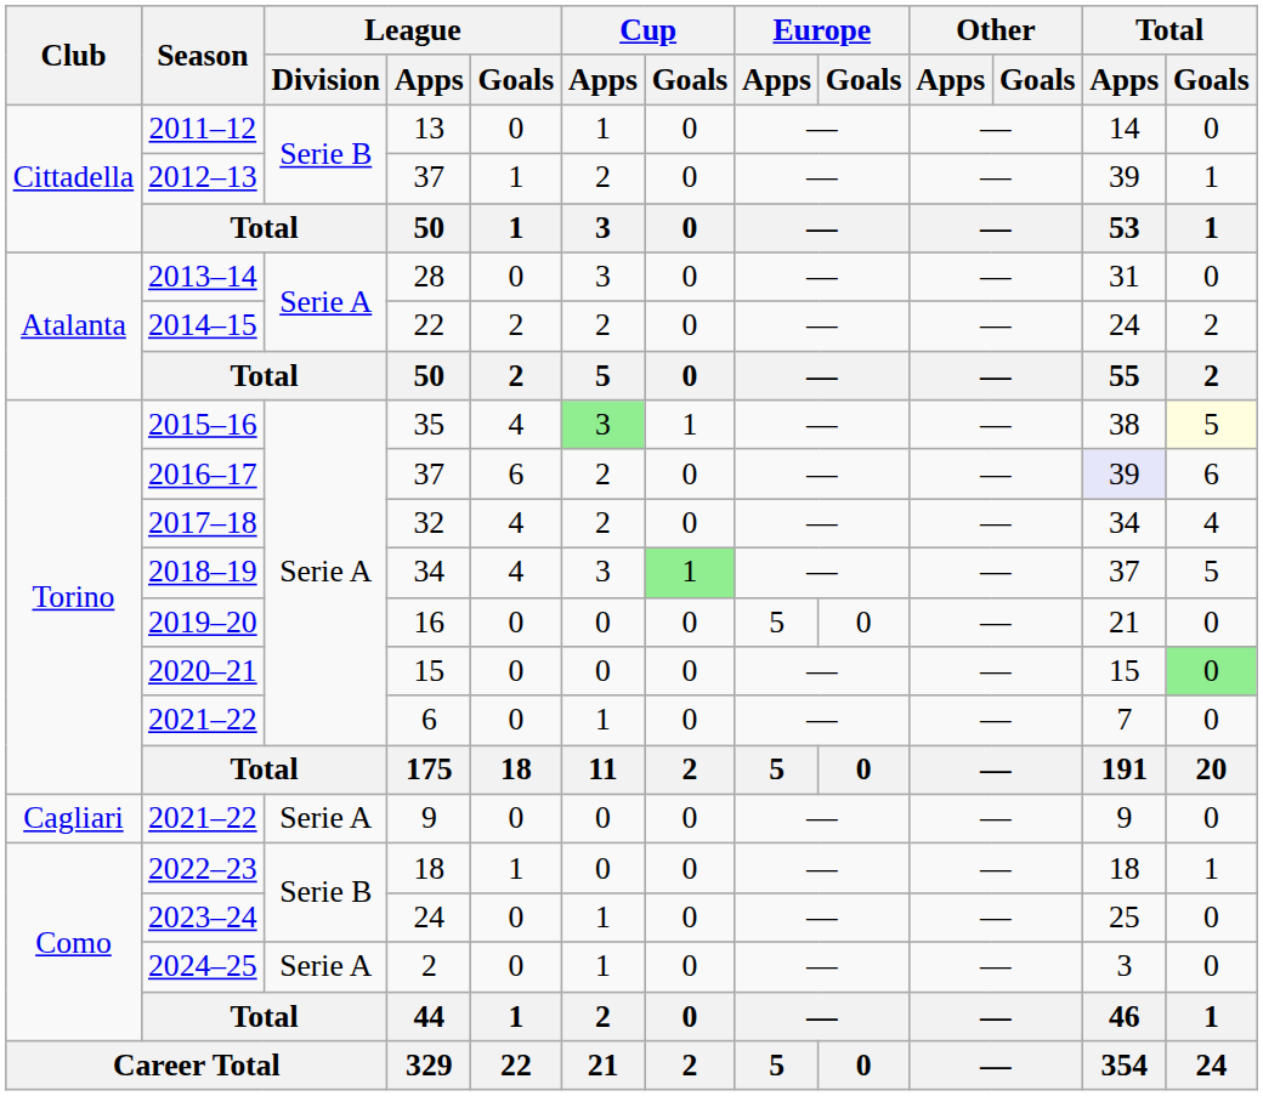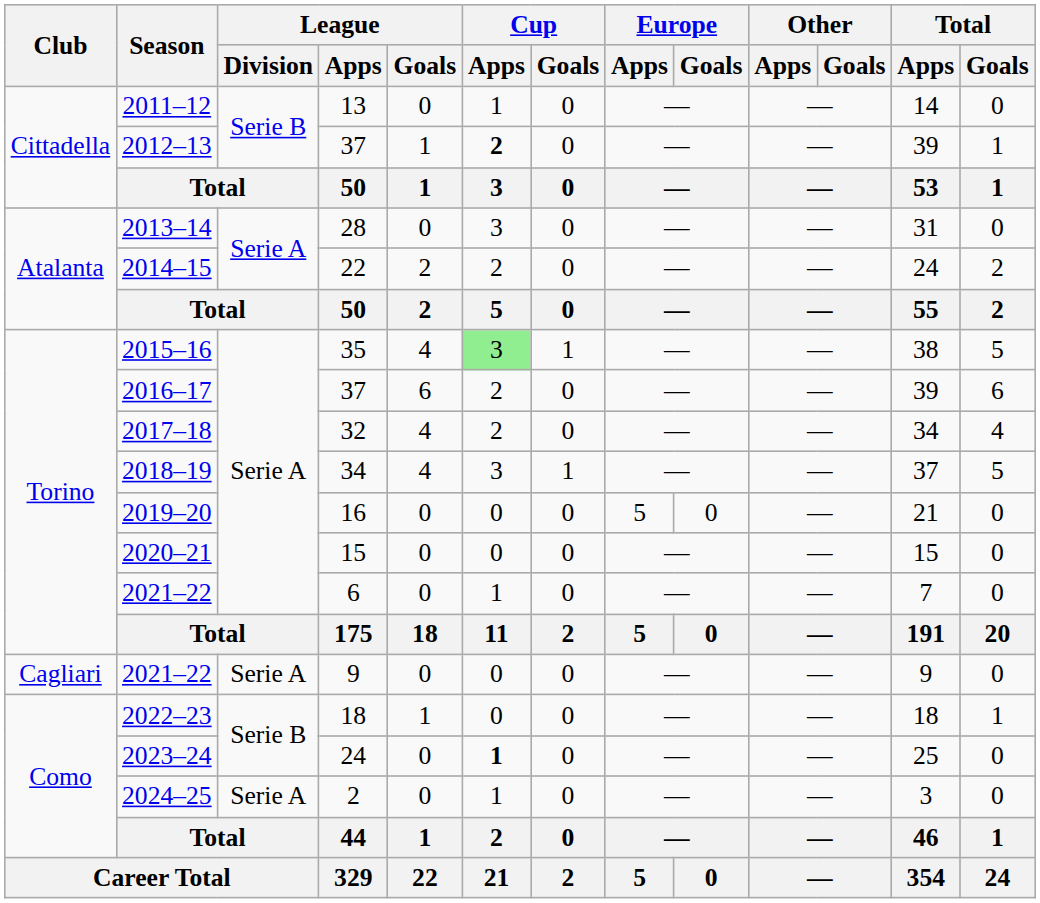 <table class="wikitable" style="text-align: center;">
 <tr>
 <th rowspan="2">Club</th>
 <th rowspan="2">Season</th>
 <th colspan="3">League</th>
 <th colspan="2"><a href='#'>Cup</a></th>
 <th colspan="2"><a href='#'>Europe</a></th>
 <th colspan="2">Other</th>
 <th colspan="2">Total</th>
 </tr>
 <tr>
 <th>Division</th>
 <th>Apps</th>
 <th>Goals</th>
 <th>Apps</th>
 <th>Goals</th>
 <th>Apps</th>
 <th>Goals</th>
 <th>Apps</th>
 <th>Goals</th>
 <th>Apps</th>
 <th>Goals</th>
 </tr>
 <tr>
 <td rowspan="3" valign="center"><a href='#'>Cittadella</a></td>
 <td><a href='#'>2011–12</a></td>
 <td rowspan="2"valign="center"><a href='#'>Serie B</a></td>
 <td>13</td>
 <td>0</td>
 <td>1</td>
 <td>0</td>
 <td colspan="2">—</td>
 <td colspan="2">—</td>
 <td>14</td>
 <td>0</td>
 </tr>
 <tr>
 <td><a href='#'>2012–13</a></td>
 <td>37</td>
 <td>1</td>
-<td>2</td>
+<td><strong>2</strong></td>
 <td>0</td>
 <td colspan="2">—</td>
 <td colspan="2">—</td>
 <td>39</td>
 <td>1</td>
 </tr>
 <tr>
 <th colspan="2">Total</th>
 <th>50</th>
 <th>1</th>
 <th>3</th>
 <th>0</th>
 <th colspan="2">—</th>
 <th colspan="2">—</th>
 <th>53</th>
 <th>1</th>
 </tr>
 <tr>
 <td rowspan="3" valign="center"><a href='#'>Atalanta</a></td>
 <td><a href='#'>2013–14</a></td>
 <td rowspan="2" valign="center"><a href='#'>Serie A</a></td>
 <td>28</td>
 <td>0</td>
 <td>3</td>
 <td>0</td>
 <td colspan="2">—</td>
 <td colspan="2">—</td>
 <td>31</td>
 <td>0</td>
 </tr>
 <tr>
 <td><a href='#'>2014–15</a></td>
 <td>22</td>
 <td>2</td>
 <td>2</td>
 <td>0</td>
 <td colspan="2">—</td>
 <td colspan="2">—</td>
 <td>24</td>
 <td>2</td>
 </tr>
 <tr>
 <th colspan="2">Total</th>
 <th>50</th>
 <th>2</th>
 <th>5</th>
 <th>0</th>
 <th colspan="2">—</th>
 <th colspan="2">—</th>
 <th>55</th>
 <th>2</th>
 </tr>
 <tr>
 <td rowspan="8" valign="center"><a href='#'>Torino</a></td>
 <td><a href='#'>2015–16</a></td>
 <td rowspan="7" valign="center">Serie A</td>
 <td>35</td>
 <td>4</td>
 <td style="background: lightgreen;">3</td>
 <td>1</td>
 <td colspan="2">—</td>
 <td colspan="2">—</td>
 <td>38</td>
-<td style="background: lightyellow;">5</td>
+<td>5</td>
 </tr>
 <tr>
 <td><a href='#'>2016–17</a></td>
 <td>37</td>
 <td>6</td>
 <td>2</td>
 <td>0</td>
 <td colspan="2">—</td>
 <td colspan="2">—</td>
-<td style="background: lavender;">39</td>
+<td>39</td>
 <td>6</td>
 </tr>
 <tr>
 <td><a href='#'>2017–18</a></td>
 <td>32</td>
 <td>4</td>
 <td>2</td>
 <td>0</td>
 <td colspan="2">—</td>
 <td colspan="2">—</td>
 <td>34</td>
 <td>4</td>
 </tr>
 <tr>
 <td><a href='#'>2018–19</a></td>
 <td>34</td>
 <td>4</td>
 <td>3</td>
-<td style="background: lightgreen;">1</td>
+<td>1</td>
 <td colspan="2">—</td>
 <td colspan="2">—</td>
 <td>37</td>
 <td>5</td>
 </tr>
 <tr>
 <td><a href='#'>2019–20</a></td>
 <td>16</td>
 <td>0</td>
 <td>0</td>
 <td>0</td>
 <td>5</td>
 <td>0</td>
 <td colspan="2">—</td>
 <td>21</td>
 <td>0</td>
 </tr>
 <tr>
 <td><a href='#'>2020–21</a></td>
 <td>15</td>
 <td>0</td>
 <td>0</td>
 <td>0</td>
 <td colspan="2">—</td>
 <td colspan="2">—</td>
 <td>15</td>
-<td style="background: lightgreen;">0</td>
+<td>0</td>
 </tr>
 <tr>
 <td><a href='#'>2021–22</a></td>
 <td>6</td>
 <td>0</td>
 <td>1</td>
 <td>0</td>
 <td colspan="2">—</td>
 <td colspan="2">—</td>
 <td>7</td>
 <td>0</td>
 </tr>
 <tr>
 <th colspan="2">Total</th>
 <th>175</th>
 <th>18</th>
 <th>11</th>
 <th>2</th>
 <th>5</th>
 <th>0</th>
 <th colspan="2">—</th>
 <th>191</th>
 <th>20</th>
 </tr>
 <tr>
 <td rowspan="1" valign="center"><a href='#'>Cagliari</a></td>
 <td><a href='#'>2021–22</a></td>
 <td>Serie A</td>
 <td>9</td>
 <td>0</td>
 <td>0</td>
 <td>0</td>
 <td colspan="2">—</td>
 <td colspan="2">—</td>
 <td>9</td>
 <td>0</td>
 </tr>
 <tr>
 <td rowspan="4" valign="center"><a href='#'>Como</a></td>
 <td><a href='#'>2022–23</a></td>
 <td rowspan="2" valign="center">Serie B</td>
 <td>18</td>
 <td>1</td>
 <td>0</td>
 <td>0</td>
 <td colspan="2">—</td>
 <td colspan="2">—</td>
 <td>18</td>
 <td>1</td>
 </tr>
 <tr>
 <td><a href='#'>2023–24</a></td>
 <td>24</td>
 <td>0</td>
-<td>1</td>
+<td><strong>1</strong></td>
 <td>0</td>
 <td colspan="2">—</td>
 <td colspan="2">—</td>
 <td>25</td>
 <td>0</td>
 </tr>
 <tr>
 <td><a href='#'>2024–25</a></td>
 <td>Serie A</td>
 <td>2</td>
 <td>0</td>
 <td>1</td>
 <td>0</td>
 <td colspan="2">—</td>
 <td colspan="2">—</td>
 <td>3</td>
 <td>0</td>
 </tr>
 <tr>
 <th colspan=2>Total</th>
 <th>44</th>
 <th>1</th>
 <th>2</th>
 <th>0</th>
 <th colspan="2">—</th>
 <th colspan="2">—</th>
 <th>46</th>
 <th>1</th>
 </tr>
 <tr>
 <th colspan=3>Career Total</th>
 <th>329</th>
 <th>22</th>
 <th>21</th>
 <th>2</th>
 <th>5</th>
 <th>0</th>
 <th colspan="2">—</th>
 <th>354</th>
 <th>24</th>
 </tr>
 </table>
